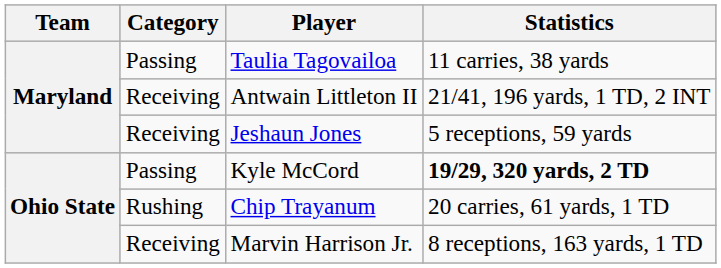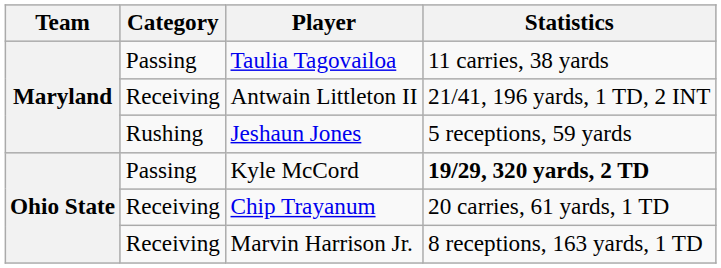 <table class="wikitable" style="float:right">
 <tr>
 <th>Team</th>
 <th>Category</th>
 <th>Player</th>
 <th>Statistics</th>
 </tr>
 <tr>
 <th rowspan=3>Maryland</th>
 <td>Passing</td>
 <td><a href='#'>Taulia Tagovailoa</a></td>
 <td>11 carries, 38 yards</td>
 </tr>
 <tr>
 <td>Receiving</td>
 <td>Antwain Littleton II</td>
 <td>21/41, 196 yards, 1 TD, 2 INT</td>
 </tr>
 <tr>
-<td>Receiving</td>
+<td>Rushing</td>
 <td><a href='#'>Jeshaun Jones</a></td>
 <td>5 receptions, 59 yards</td>
 </tr>
 <tr>
 <th rowspan=3>Ohio State</th>
 <td>Passing</td>
 <td>Kyle McCord</td>
 <td><strong>19/29, 320 yards, 2 TD</strong></td>
 </tr>
 <tr>
-<td>Rushing</td>
+<td>Receiving</td>
 <td><a href='#'>Chip Trayanum</a></td>
 <td>20 carries, 61 yards, 1 TD</td>
 </tr>
 <tr>
 <td>Receiving</td>
 <td>Marvin Harrison Jr.</td>
 <td>8 receptions, 163 yards, 1 TD</td>
 </tr>
 </table>
